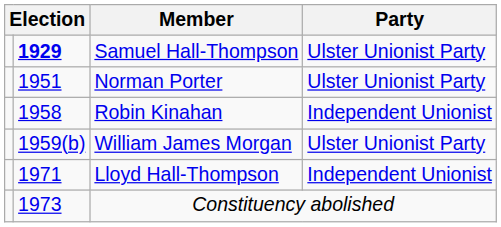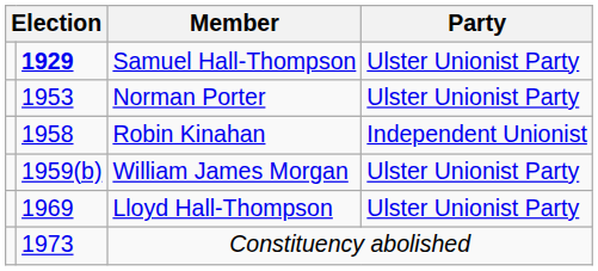 <table class="wikitable">
 <tr>
 <th colspan="2">Election</th>
 <th>Member</th>
 <th>Party</th>
 </tr>
 <tr>
 <td rowspan="1" style="background-color: "></td>
 <td><strong><a href='#'>1929</a></strong></td>
 <td rowspan="1"><a href='#'>Samuel Hall-Thompson</a></td>
 <td rowspan="1"><a href='#'>Ulster Unionist Party</a></td>
 </tr>
 <tr>
 <td rowspan="1" style="background-color: "></td>
-<td><a href='#'>1951</a></td>
+<td><a href='#'>1953</a></td>
 <td rowspan="1"><a href='#'>Norman Porter</a></td>
 <td rowspan="1"><a href='#'>Ulster Unionist Party</a></td>
 </tr>
 <tr>
 <td rowspan="1" style="background-color: "></td>
 <td><a href='#'>1958</a></td>
 <td rowspan="1"><a href='#'>Robin Kinahan</a></td>
 <td rowspan="1"><a href='#'>Independent Unionist</a></td>
 </tr>
 <tr>
 <td rowspan="1" style="background-color: "></td>
 <td><a href='#'>1959(b)</a></td>
 <td rowspan="1"><a href='#'>William James Morgan</a></td>
 <td rowspan="1"><a href='#'>Ulster Unionist Party</a></td>
 </tr>
 <tr>
 <td rowspan="1" style="background-color: "></td>
-<td><a href='#'>1971</a></td>
+<td><a href='#'>1969</a></td>
 <td rowspan="1"><a href='#'>Lloyd Hall-Thompson</a></td>
-<td rowspan="1"><a href='#'>Independent Unionist</a></td>
+<td rowspan="1"><a href='#'>Ulster Unionist Party</a></td>
 </tr>
 <tr>
 <td></td>
 <td><a href='#'>1973</a></td>
 <td colspan="3" align=center><em>Constituency abolished</em></td>
 </tr>
 </table>
